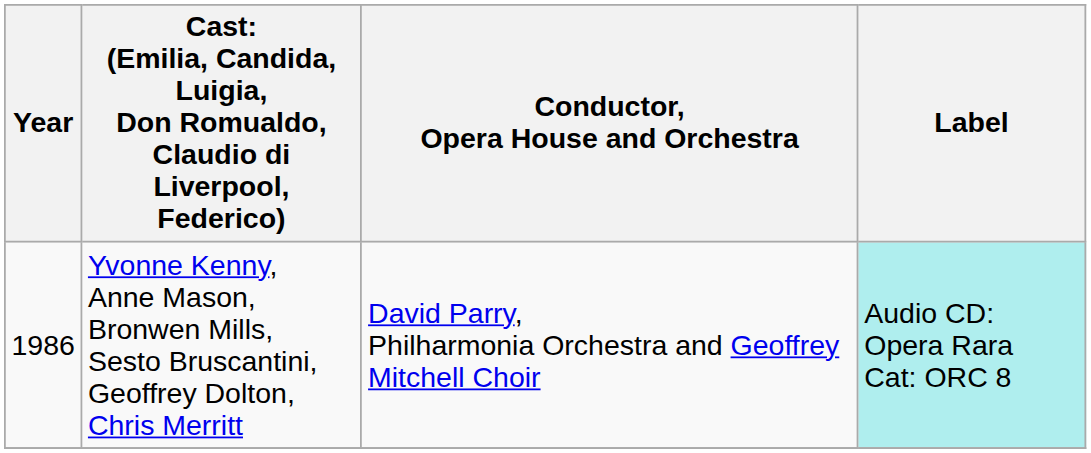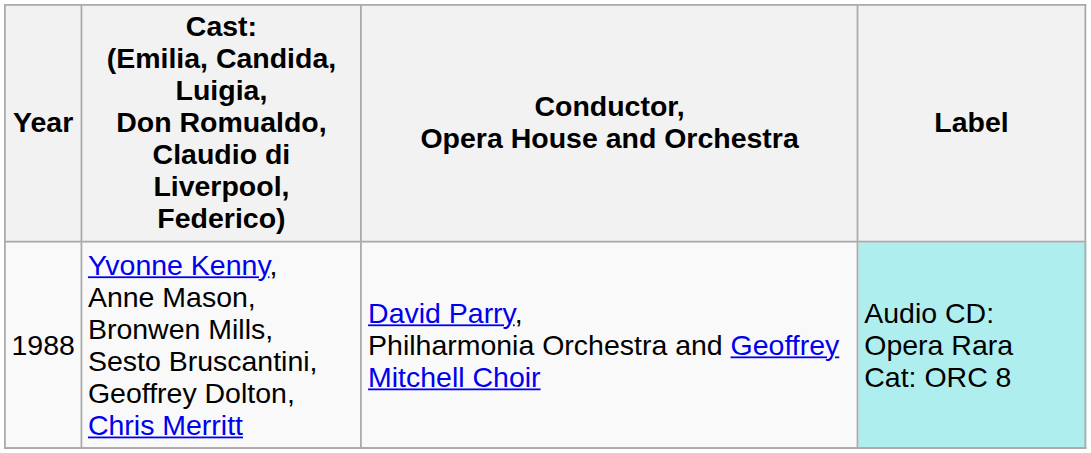 <table class="wikitable">
 <tr>
 <th>Year</th>
 <th width="150">Cast:<br>(Emilia, Candida,<br>Luigia,<br>Don Romualdo,<br>Claudio di Liverpool, Federico)</th>
 <th>Conductor,<br>Opera House and Orchestra</th>
 <th>Label</th>
 </tr>
 <tr>
-<td>1986</td>
+<td>1988</td>
 <td><a href='#'>Yvonne Kenny</a>,<br>Anne Mason,<br>Bronwen Mills,<br>Sesto Bruscantini,<br>Geoffrey Dolton,<br><a href='#'>Chris Merritt</a></td>
 <td><a href='#'>David Parry</a>, <br>Philharmonia Orchestra and <a href='#'>Geoffrey Mitchell Choir</a></td>
 <td style="background: paleturquoise;">Audio CD: Opera Rara<br>Cat: ORC 8</td>
 </tr>
 <tr>
 </tr>
 </table>
